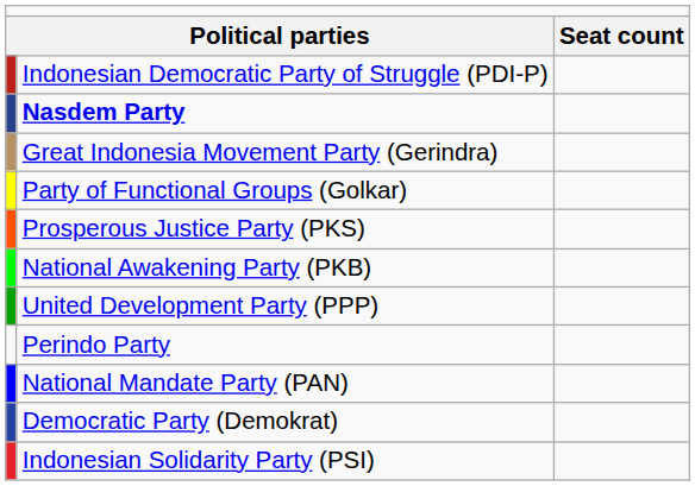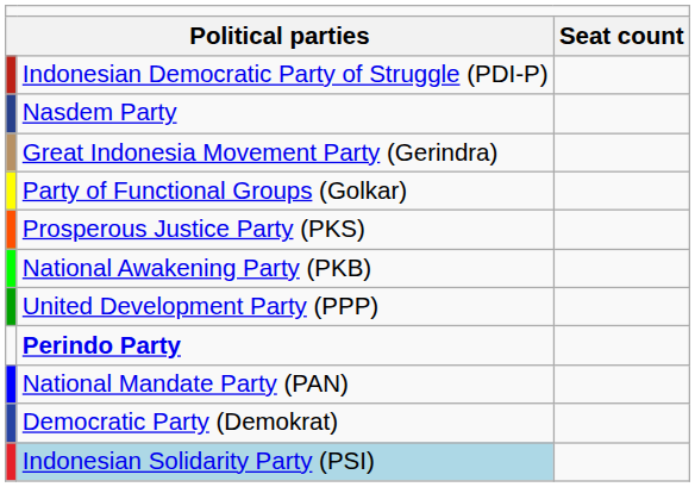 <table class="wikitable">
 <tr>
 <td colspan="4"></td>
 </tr>
 <tr>
 <th colspan="2">Political parties</th>
 <th>Seat count</th>
 </tr>
 <tr>
 <td bgcolor=#BD2016></td>
 <td><a href='#'>Indonesian Democratic Party of Struggle</a> (PDI-P)</td>
 <td></td>
 </tr>
 <tr>
 <td bgcolor=#27408B></td>
-<td><strong><a href='#'>Nasdem Party</a></strong></td>
+<td><a href='#'>Nasdem Party</a></td>
 <td></td>
 </tr>
 <tr>
 <td bgcolor=#B79164></td>
 <td><a href='#'>Great Indonesia Movement Party</a> (Gerindra)</td>
 <td></td>
 </tr>
 <tr>
 <td bgcolor=#FFFF00></td>
 <td><a href='#'>Party of Functional Groups</a> (Golkar)</td>
 <td></td>
 </tr>
 <tr>
 <td bgcolor=#FF4F00></td>
 <td><a href='#'>Prosperous Justice Party</a> (PKS)</td>
 <td></td>
 </tr>
 <tr>
 <td bgcolor=#00FF00></td>
 <td><a href='#'>National Awakening Party</a> (PKB)</td>
 <td></td>
 </tr>
 <tr>
 <td bgcolor=#00A100></td>
 <td><a href='#'>United Development Party</a> (PPP)</td>
 <td></td>
 </tr>
 <tr>
 <td bgcolor=></td>
-<td><a href='#'>Perindo Party</a></td>
+<td><strong><a href='#'>Perindo Party</a></strong></td>
 <td></td>
 </tr>
 <tr>
 <td bgcolor=#0000FF></td>
 <td><a href='#'>National Mandate Party</a> (PAN)</td>
 <td></td>
 </tr>
 <tr>
 <td bgcolor=#2643A3></td>
 <td><a href='#'>Democratic Party</a> (Demokrat)</td>
 <td></td>
 </tr>
 <tr>
 <td bgcolor=#E6212A></td>
-<td><a href='#'>Indonesian Solidarity Party</a> (PSI)</td>
+<td style="background: lightblue;"><a href='#'>Indonesian Solidarity Party</a> (PSI)</td>
 <td></td>
 </tr>
 </table>
